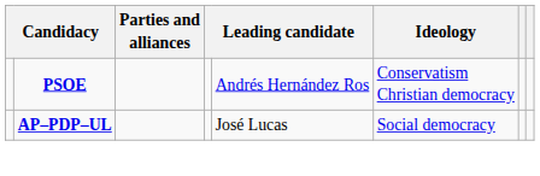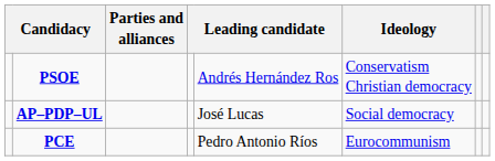 <table class="wikitable" style="line-height:1.35em; text-align:left;">
 <tr>
 <th colspan="2">Candidacy</th>
 <th>Parties and<br>alliances</th>
 <th colspan="2">Leading candidate</th>
 <th>Ideology</th>
 <th></th>
 <th></th>
 </tr>
 <tr>
 <td width="1" style="color:inherit;background:"></td>
 <td align="center"><strong><a href='#'>PSOE</a></strong></td>
 <td></td>
 <td></td>
 <td><a href='#'>Andrés Hernández Ros</a></td>
 <td><a href='#'>Conservatism</a><br><a href='#'>Christian democracy</a></td>
 <td></td>
 <td></td>
 </tr>
 <tr>
 <td style="color:inherit;background:"></td>
 <td align="center"><strong><a href='#'>AP–PDP–UL</a></strong></td>
 <td></td>
 <td></td>
 <td>José Lucas</td>
 <td><a href='#'>Social democracy</a></td>
 <td></td>
 <td></td>
 </tr>
+<tr>
+<td style="color:inherit;background:"></td>
+<td align="center"><strong><a href='#'>PCE</a></strong></td>
+<td></td>
+<td></td>
+<td>Pedro Antonio Ríos</td>
+<td><a href='#'>Eurocommunism</a></td>
+<td></td>
+<td></td>
+</tr>
 </table>
